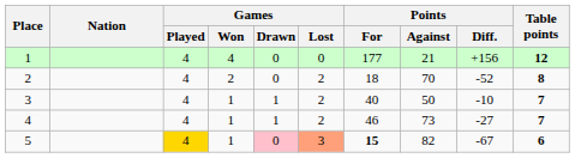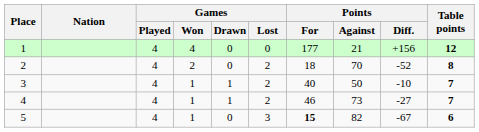 <table class="wikitable" style="text-align:center">
 <tr>
 <th rowspan="2" style="width:8%">Place</th>
 <th rowspan="2" style="width:20%">Nation</th>
 <th colspan="4" style="width:32%">Games</th>
 <th colspan="3" style="width:30%">Points</th>
 <th rowspan="2" style="width:10%">Table<br>points</th>
 </tr>
 <tr>
 <th style="width:8%">Played</th>
 <th style="width:8%">Won</th>
 <th style="width:8%">Drawn</th>
 <th style="width:8%">Lost</th>
 <th style="width:10%">For</th>
 <th style="width:10%">Against</th>
 <th style="width:10%">Diff.</th>
 </tr>
 <tr style="background:#cfc">
 <td>1</td>
 <td align=left><strong></strong></td>
 <td>4</td>
 <td>4</td>
 <td>0</td>
 <td>0</td>
 <td>177</td>
 <td>21</td>
 <td>+156</td>
 <td><strong>12</strong></td>
 </tr>
 <tr>
 <td>2</td>
 <td align=left></td>
 <td>4</td>
 <td>2</td>
 <td>0</td>
 <td>2</td>
 <td>18</td>
 <td>70</td>
 <td>-52</td>
 <td><strong>8</strong></td>
 </tr>
 <tr>
 <td>3</td>
 <td align=left></td>
 <td>4</td>
 <td>1</td>
 <td>1</td>
 <td>2</td>
 <td>40</td>
 <td>50</td>
 <td>-10</td>
 <td><strong>7</strong></td>
 </tr>
 <tr>
 <td>4</td>
 <td align=left></td>
 <td>4</td>
 <td>1</td>
 <td>1</td>
 <td>2</td>
 <td>46</td>
 <td>73</td>
 <td>-27</td>
 <td><strong>7</strong></td>
 </tr>
 <tr>
 <td>5</td>
 <td align=left><em></em></td>
-<td style="background: gold;">4</td>
+<td>4</td>
 <td>1</td>
-<td style="background: pink;">0</td>
-<td style="background: lightsalmon;">3</td>
+<td>0</td>
+<td>3</td>
 <td><strong>15</strong></td>
 <td>82</td>
 <td>-67</td>
 <td><strong>6</strong></td>
 </tr>
 </table>
